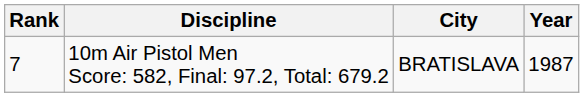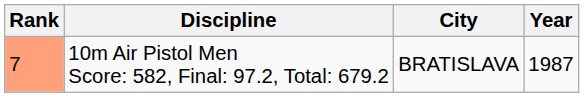 <table class="wikitable">
 <tr>
 <th>Rank</th>
 <th>Discipline</th>
 <th>City</th>
 <th>Year</th>
 </tr>
 <tr>
-<td>7</td>
+<td style="background: lightsalmon;">7</td>
 <td>10m Air Pistol Men<br>Score: 582, Final: 97.2, Total: 679.2</td>
 <td>BRATISLAVA</td>
 <td>1987</td>
 </tr>
 </table>
